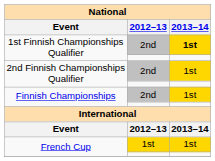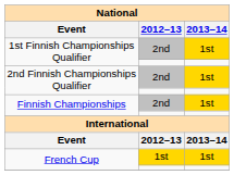 <table class="wikitable">
 <tr>
 <th style="background-color: #ffdead; " colspan="3" align="center"><strong>National</strong></th>
 </tr>
 <tr>
 <th>Event</th>
 <th><a href='#'>2012–13</a></th>
 <th><a href='#'>2013–14</a></th>
 </tr>
 <tr>
 <td align="center" rowspan="2">1st Finnish Championships<br>Qualifier</td>
 <td 2012-13 align="center" bgcolor="silver">2nd<br></td>
-<td 2013-14 align="center" bgcolor="gold"><strong>1st<br></strong></td>
+<td 2013-14 align="center" bgcolor="gold">1st<br></td>
 </tr>
 <tr>
 <td 2012-13 align="center"></td>
 <td 2013-14 align="center"></td>
 </tr>
 <tr>
 <td align="center" rowspan="2">2nd Finnish Championships<br>Qualifier</td>
 <td 2012-13 align="center" bgcolor="silver">2nd<br></td>
 <td 2013-14 align="center" bgcolor="gold">1st<br></td>
 </tr>
 <tr>
 <td 2012-13 align="center"></td>
 <td 2013-14 align="center"></td>
 </tr>
 <tr>
 <td align="center" rowspan="2"><a href='#'>Finnish Championships</a></td>
 <td 2012-13 align="center" bgcolor="silver">2nd</td>
 <td 2013-14 align="center" bgcolor="gold">1st</td>
 </tr>
 <tr>
 <td 2012-13 align="center"></td>
 <td 2013-14 align="center"></td>
 </tr>
 <tr>
 <th style="background-color: #ffdead; " colspan="3" align=center><strong>International</strong></th>
 </tr>
 <tr>
 <th>Event</th>
 <th>2012–13</th>
 <th>2013–14</th>
 </tr>
 <tr>
 <td align="center" rowspan="2"><a href='#'>French Cup</a></td>
 <td 2012-13 align="center" bgcolor="gold">1st</td>
 <td 2013-14 align="center" bgcolor="gold">1st</td>
 </tr>
 <tr>
 <td 2012-13 align="center"></td>
 <td 2013-14 align="center"></td>
 </tr>
 <tr>
 </tr>
 </table>
